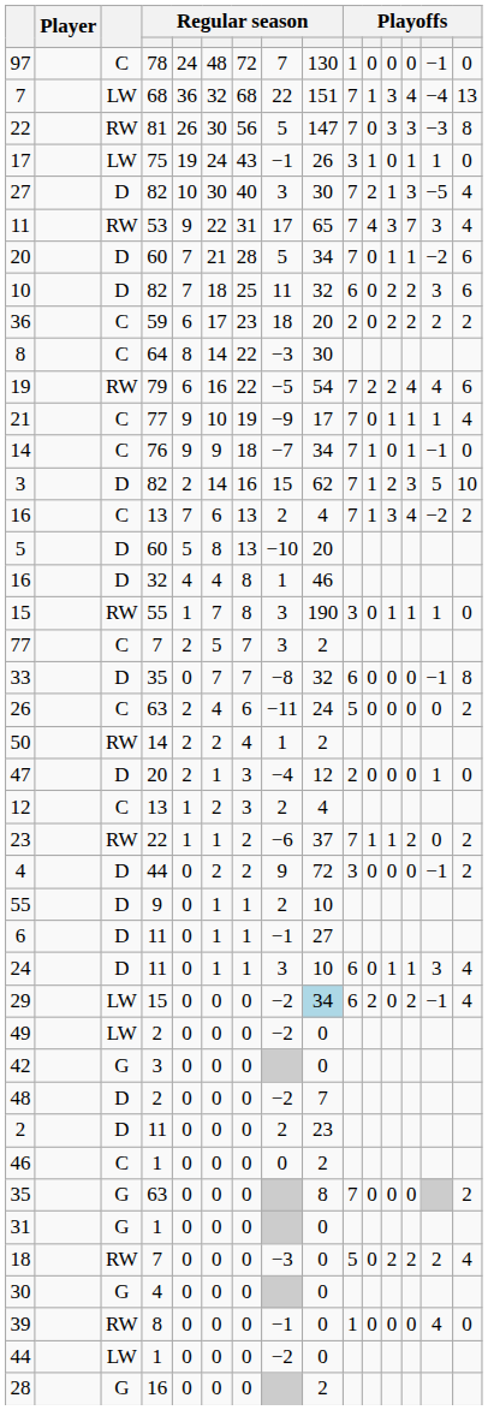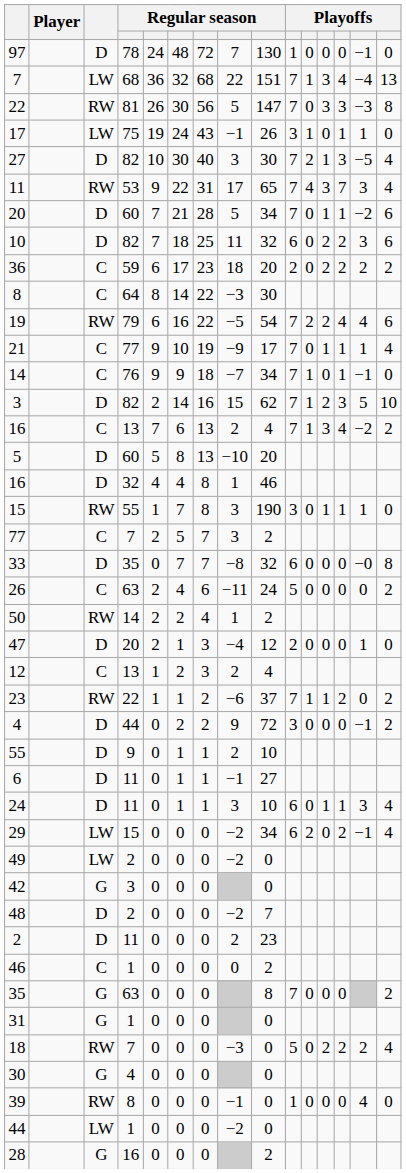 <table class="wikitable sortable plainrowheaders" style="text-align:center;">
 <tr>
 <th scope="col" data-sort-type="number" rowspan="2"></th>
 <th scope="col" rowspan="2">Player</th>
 <th scope="col" rowspan="2"></th>
 <th scope=colgroup colspan=6>Regular season</th>
 <th scope=colgroup colspan=6>Playoffs</th>
 </tr>
 <tr>
 <th scope="col" data-sort-type="number"></th>
 <th scope="col" data-sort-type="number"></th>
 <th scope="col" data-sort-type="number"></th>
 <th scope="col" data-sort-type="number"></th>
 <th scope="col" data-sort-type="number"></th>
 <th scope="col" data-sort-type="number"></th>
 <th scope="col" data-sort-type="number"></th>
 <th scope="col" data-sort-type="number"></th>
 <th scope="col" data-sort-type="number"></th>
 <th scope="col" data-sort-type="number"></th>
 <th scope="col" data-sort-type="number"></th>
 <th scope="col" data-sort-type="number"></th>
 </tr>
 <tr>
 <td scope="row">97</td>
 <td align="left"></td>
-<td>C</td>
+<td>D</td>
 <td>78</td>
 <td>24</td>
 <td>48</td>
 <td>72</td>
 <td>7</td>
 <td>130</td>
 <td>1</td>
 <td>0</td>
 <td>0</td>
 <td>0</td>
 <td>−1</td>
 <td>0</td>
 </tr>
 <tr>
 <td scope="row">7</td>
 <td align="left"></td>
 <td>LW</td>
 <td>68</td>
 <td>36</td>
 <td>32</td>
 <td>68</td>
 <td>22</td>
 <td>151</td>
 <td>7</td>
 <td>1</td>
 <td>3</td>
 <td>4</td>
 <td>−4</td>
 <td>13</td>
 </tr>
 <tr>
 <td scope="row">22</td>
 <td align="left"></td>
 <td>RW</td>
 <td>81</td>
 <td>26</td>
 <td>30</td>
 <td>56</td>
 <td>5</td>
 <td>147</td>
 <td>7</td>
 <td>0</td>
 <td>3</td>
 <td>3</td>
 <td>−3</td>
 <td>8</td>
 </tr>
 <tr>
 <td scope="row">17</td>
 <td align="left"></td>
 <td>LW</td>
 <td>75</td>
 <td>19</td>
 <td>24</td>
 <td>43</td>
 <td>−1</td>
 <td>26</td>
 <td>3</td>
 <td>1</td>
 <td>0</td>
 <td>1</td>
 <td>1</td>
 <td>0</td>
 </tr>
 <tr>
 <td scope="row">27</td>
 <td align="left"></td>
 <td>D</td>
 <td>82</td>
 <td>10</td>
 <td>30</td>
 <td>40</td>
 <td>3</td>
 <td>30</td>
 <td>7</td>
 <td>2</td>
 <td>1</td>
 <td>3</td>
 <td>−5</td>
 <td>4</td>
 </tr>
 <tr>
 <td scope="row">11</td>
 <td align="left"></td>
 <td>RW</td>
 <td>53</td>
 <td>9</td>
 <td>22</td>
 <td>31</td>
 <td>17</td>
 <td>65</td>
 <td>7</td>
 <td>4</td>
 <td>3</td>
 <td>7</td>
 <td>3</td>
 <td>4</td>
 </tr>
 <tr>
 <td scope="row">20</td>
 <td align="left"></td>
 <td>D</td>
 <td>60</td>
 <td>7</td>
 <td>21</td>
 <td>28</td>
 <td>5</td>
 <td>34</td>
 <td>7</td>
 <td>0</td>
 <td>1</td>
 <td>1</td>
 <td>−2</td>
 <td>6</td>
 </tr>
 <tr>
 <td scope="row">10</td>
 <td align="left"></td>
 <td>D</td>
 <td>82</td>
 <td>7</td>
 <td>18</td>
 <td>25</td>
 <td>11</td>
 <td>32</td>
 <td>6</td>
 <td>0</td>
 <td>2</td>
 <td>2</td>
 <td>3</td>
 <td>6</td>
 </tr>
 <tr>
 <td scope="row">36</td>
 <td align="left"></td>
 <td>C</td>
 <td>59</td>
 <td>6</td>
 <td>17</td>
 <td>23</td>
 <td>18</td>
 <td>20</td>
 <td>2</td>
 <td>0</td>
 <td>2</td>
 <td>2</td>
 <td>2</td>
 <td>2</td>
 </tr>
 <tr>
 <td scope="row">8</td>
 <td align="left"></td>
 <td>C</td>
 <td>64</td>
 <td>8</td>
 <td>14</td>
 <td>22</td>
 <td>−3</td>
 <td>30</td>
 <td></td>
 <td></td>
 <td></td>
 <td></td>
 <td></td>
 <td></td>
 </tr>
 <tr>
 <td scope="row">19</td>
 <td align="left"></td>
 <td>RW</td>
 <td>79</td>
 <td>6</td>
 <td>16</td>
 <td>22</td>
 <td>−5</td>
 <td>54</td>
 <td>7</td>
 <td>2</td>
 <td>2</td>
 <td>4</td>
 <td>4</td>
 <td>6</td>
 </tr>
 <tr>
 <td scope="row">21</td>
 <td align="left"></td>
 <td>C</td>
 <td>77</td>
 <td>9</td>
 <td>10</td>
 <td>19</td>
 <td>−9</td>
 <td>17</td>
 <td>7</td>
 <td>0</td>
 <td>1</td>
 <td>1</td>
 <td>1</td>
 <td>4</td>
 </tr>
 <tr>
 <td scope="row">14</td>
 <td align="left"></td>
 <td>C</td>
 <td>76</td>
 <td>9</td>
 <td>9</td>
 <td>18</td>
 <td>−7</td>
 <td>34</td>
 <td>7</td>
 <td>1</td>
 <td>0</td>
 <td>1</td>
 <td>−1</td>
 <td>0</td>
 </tr>
 <tr>
 <td scope="row">3</td>
 <td align="left"></td>
 <td>D</td>
 <td>82</td>
 <td>2</td>
 <td>14</td>
 <td>16</td>
 <td>15</td>
 <td>62</td>
 <td>7</td>
 <td>1</td>
 <td>2</td>
 <td>3</td>
 <td>5</td>
 <td>10</td>
 </tr>
 <tr>
 <td scope="row">16</td>
 <td align="left"></td>
 <td>C</td>
 <td>13</td>
 <td>7</td>
 <td>6</td>
 <td>13</td>
 <td>2</td>
 <td>4</td>
 <td>7</td>
 <td>1</td>
 <td>3</td>
 <td>4</td>
 <td>−2</td>
 <td>2</td>
 </tr>
 <tr>
 <td scope="row">5</td>
 <td align="left"></td>
 <td>D</td>
 <td>60</td>
 <td>5</td>
 <td>8</td>
 <td>13</td>
 <td>−10</td>
 <td>20</td>
 <td></td>
 <td></td>
 <td></td>
 <td></td>
 <td></td>
 <td></td>
 </tr>
 <tr>
 <td scope="row">16</td>
 <td align="left"></td>
 <td>D</td>
 <td>32</td>
 <td>4</td>
 <td>4</td>
 <td>8</td>
 <td>1</td>
 <td>46</td>
 <td></td>
 <td></td>
 <td></td>
 <td></td>
 <td></td>
 <td></td>
 </tr>
 <tr>
 <td scope="row">15</td>
 <td align="left"></td>
 <td>RW</td>
 <td>55</td>
 <td>1</td>
 <td>7</td>
 <td>8</td>
 <td>3</td>
 <td>190</td>
 <td>3</td>
 <td>0</td>
 <td>1</td>
 <td>1</td>
 <td>1</td>
 <td>0</td>
 </tr>
 <tr>
 <td scope="row">77</td>
 <td align="left"></td>
 <td>C</td>
 <td>7</td>
 <td>2</td>
 <td>5</td>
 <td>7</td>
 <td>3</td>
 <td>2</td>
 <td></td>
 <td></td>
 <td></td>
 <td></td>
 <td></td>
 <td></td>
 </tr>
 <tr>
 <td scope="row">33</td>
 <td align="left"></td>
 <td>D</td>
 <td>35</td>
 <td>0</td>
 <td>7</td>
 <td>7</td>
 <td>−8</td>
 <td>32</td>
 <td>6</td>
 <td>0</td>
 <td>0</td>
 <td>0</td>
-<td>−1</td>
+<td>−0</td>
 <td>8</td>
 </tr>
 <tr>
 <td scope="row">26</td>
 <td align="left"></td>
 <td>C</td>
 <td>63</td>
 <td>2</td>
 <td>4</td>
 <td>6</td>
 <td>−11</td>
 <td>24</td>
 <td>5</td>
 <td>0</td>
 <td>0</td>
 <td>0</td>
 <td>0</td>
 <td>2</td>
 </tr>
 <tr>
 <td scope="row">50</td>
 <td align="left"></td>
 <td>RW</td>
 <td>14</td>
 <td>2</td>
 <td>2</td>
 <td>4</td>
 <td>1</td>
 <td>2</td>
 <td></td>
 <td></td>
 <td></td>
 <td></td>
 <td></td>
 <td></td>
 </tr>
 <tr>
 <td scope="row">47</td>
 <td align="left"></td>
 <td>D</td>
 <td>20</td>
 <td>2</td>
 <td>1</td>
 <td>3</td>
 <td>−4</td>
 <td>12</td>
 <td>2</td>
 <td>0</td>
 <td>0</td>
 <td>0</td>
 <td>1</td>
 <td>0</td>
 </tr>
 <tr>
 <td scope="row">12</td>
 <td align="left"></td>
 <td>C</td>
 <td>13</td>
 <td>1</td>
 <td>2</td>
 <td>3</td>
 <td>2</td>
 <td>4</td>
 <td></td>
 <td></td>
 <td></td>
 <td></td>
 <td></td>
 <td></td>
 </tr>
 <tr>
 <td scope="row">23</td>
 <td align="left"></td>
 <td>RW</td>
 <td>22</td>
 <td>1</td>
 <td>1</td>
 <td>2</td>
 <td>−6</td>
 <td>37</td>
 <td>7</td>
 <td>1</td>
 <td>1</td>
 <td>2</td>
 <td>0</td>
 <td>2</td>
 </tr>
 <tr>
 <td scope="row">4</td>
 <td align="left"></td>
 <td>D</td>
 <td>44</td>
 <td>0</td>
 <td>2</td>
 <td>2</td>
 <td>9</td>
 <td>72</td>
 <td>3</td>
 <td>0</td>
 <td>0</td>
 <td>0</td>
 <td>−1</td>
 <td>2</td>
 </tr>
 <tr>
 <td scope="row">55</td>
 <td align="left"></td>
 <td>D</td>
 <td>9</td>
 <td>0</td>
 <td>1</td>
 <td>1</td>
 <td>2</td>
 <td>10</td>
 <td></td>
 <td></td>
 <td></td>
 <td></td>
 <td></td>
 <td></td>
 </tr>
 <tr>
 <td scope="row">6</td>
 <td align="left"></td>
 <td>D</td>
 <td>11</td>
 <td>0</td>
 <td>1</td>
 <td>1</td>
 <td>−1</td>
 <td>27</td>
 <td></td>
 <td></td>
 <td></td>
 <td></td>
 <td></td>
 <td></td>
 </tr>
 <tr>
 <td scope="row">24</td>
 <td align="left"></td>
 <td>D</td>
 <td>11</td>
 <td>0</td>
 <td>1</td>
 <td>1</td>
 <td>3</td>
 <td>10</td>
 <td>6</td>
 <td>0</td>
 <td>1</td>
 <td>1</td>
 <td>3</td>
 <td>4</td>
 </tr>
 <tr>
 <td scope="row">29</td>
 <td align="left"></td>
 <td>LW</td>
 <td>15</td>
 <td>0</td>
 <td>0</td>
 <td>0</td>
 <td>−2</td>
-<td style="background: lightblue;">34</td>
+<td>34</td>
 <td>6</td>
 <td>2</td>
 <td>0</td>
 <td>2</td>
 <td>−1</td>
 <td>4</td>
 </tr>
 <tr>
 <td scope="row">49</td>
 <td align="left"></td>
 <td>LW</td>
 <td>2</td>
 <td>0</td>
 <td>0</td>
 <td>0</td>
 <td>−2</td>
 <td>0</td>
 <td></td>
 <td></td>
 <td></td>
 <td></td>
 <td></td>
 <td></td>
 </tr>
 <tr>
 <td scope="row">42</td>
 <td align="left"></td>
 <td>G</td>
 <td>3</td>
 <td>0</td>
 <td>0</td>
 <td>0</td>
 <td style="background:#ccc"></td>
 <td>0</td>
 <td></td>
 <td></td>
 <td></td>
 <td></td>
 <td></td>
 <td></td>
 </tr>
 <tr>
 <td scope="row">48</td>
 <td align="left"></td>
 <td>D</td>
 <td>2</td>
 <td>0</td>
 <td>0</td>
 <td>0</td>
 <td>−2</td>
 <td>7</td>
 <td></td>
 <td></td>
 <td></td>
 <td></td>
 <td></td>
 <td></td>
 </tr>
 <tr>
 <td scope="row">2</td>
 <td align="left"></td>
 <td>D</td>
 <td>11</td>
 <td>0</td>
 <td>0</td>
 <td>0</td>
 <td>2</td>
 <td>23</td>
 <td></td>
 <td></td>
 <td></td>
 <td></td>
 <td></td>
 <td></td>
 </tr>
 <tr>
 <td scope="row">46</td>
 <td align="left"></td>
 <td>C</td>
 <td>1</td>
 <td>0</td>
 <td>0</td>
 <td>0</td>
 <td>0</td>
 <td>2</td>
 <td></td>
 <td></td>
 <td></td>
 <td></td>
 <td></td>
 <td></td>
 </tr>
 <tr>
 <td scope="row">35</td>
 <td align="left"></td>
 <td>G</td>
 <td>63</td>
 <td>0</td>
 <td>0</td>
 <td>0</td>
 <td style="background:#ccc"></td>
 <td>8</td>
 <td>7</td>
 <td>0</td>
 <td>0</td>
 <td>0</td>
 <td style="background:#ccc"></td>
 <td>2</td>
 </tr>
 <tr>
 <td scope="row">31</td>
 <td align="left"></td>
 <td>G</td>
 <td>1</td>
 <td>0</td>
 <td>0</td>
 <td>0</td>
 <td style="background:#ccc"></td>
 <td>0</td>
 <td></td>
 <td></td>
 <td></td>
 <td></td>
 <td></td>
 <td></td>
 </tr>
 <tr>
 <td scope="row">18</td>
 <td align="left"></td>
 <td>RW</td>
 <td>7</td>
 <td>0</td>
 <td>0</td>
 <td>0</td>
 <td>−3</td>
 <td>0</td>
 <td>5</td>
 <td>0</td>
 <td>2</td>
 <td>2</td>
 <td>2</td>
 <td>4</td>
 </tr>
 <tr>
 <td scope="row">30</td>
 <td align="left"></td>
 <td>G</td>
 <td>4</td>
 <td>0</td>
 <td>0</td>
 <td>0</td>
 <td style="background:#ccc"></td>
 <td>0</td>
 <td></td>
 <td></td>
 <td></td>
 <td></td>
 <td></td>
 <td></td>
 </tr>
 <tr>
 <td scope="row">39</td>
 <td align="left"></td>
 <td>RW</td>
 <td>8</td>
 <td>0</td>
 <td>0</td>
 <td>0</td>
 <td>−1</td>
 <td>0</td>
 <td>1</td>
 <td>0</td>
 <td>0</td>
 <td>0</td>
 <td>4</td>
 <td>0</td>
 </tr>
 <tr>
 <td scope="row">44</td>
 <td align="left"></td>
 <td>LW</td>
 <td>1</td>
 <td>0</td>
 <td>0</td>
 <td>0</td>
 <td>−2</td>
 <td>0</td>
 <td></td>
 <td></td>
 <td></td>
 <td></td>
 <td></td>
 <td></td>
 </tr>
 <tr>
 <td scope="row">28</td>
 <td align="left"></td>
 <td>G</td>
 <td>16</td>
 <td>0</td>
 <td>0</td>
 <td>0</td>
 <td style="background:#ccc"></td>
 <td>2</td>
 <td></td>
 <td></td>
 <td></td>
 <td></td>
 <td></td>
 <td></td>
 </tr>
 </table>
